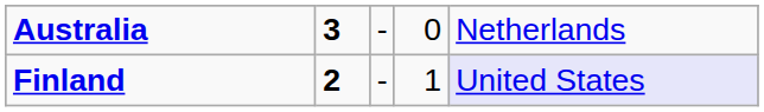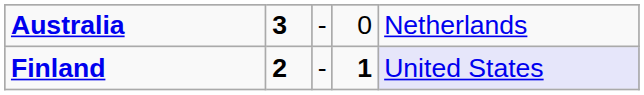 <table class="wikitable">
 <tr>
 <td width=150> <strong><a href='#'>Australia</a></strong></td>
 <td style="width:20px; text-align:left;"><strong>3</strong></td>
 <td>-</td>
 <td style="width:20px; text-align:right;">0</td>
 <td width=150> <a href='#'>Netherlands</a></td>
 </tr>
 <tr>
 <td> <strong><a href='#'>Finland</a></strong></td>
 <td style="text-align:left;"><strong>2</strong></td>
 <td>-</td>
-<td style="text-align:right;">1</td>
+<td style="text-align:right;"><strong>1</strong></td>
 <td style="background: lavender;"> <a href='#'>United States</a></td>
 </tr>
 </table>
